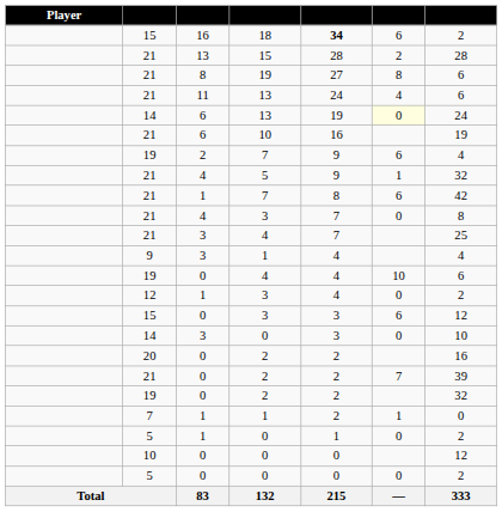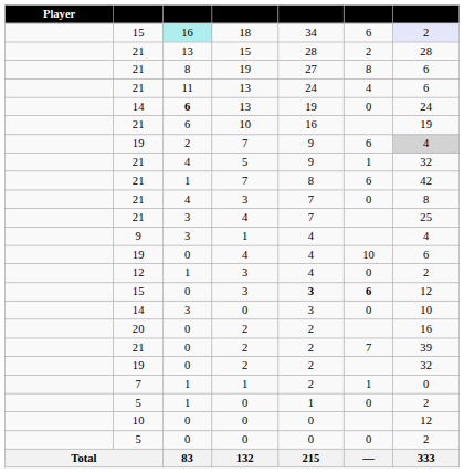 <table class="wikitable sortable" style="width:100%; text-align:center;">
 <tr>
 <th style="color:white; background:#000000; ">Player</th>
 <th style="color:white; background:#000000; "></th>
 <th style="color:white; background:#000000; "></th>
 <th style="color:white; background:#000000; "></th>
 <th style="color:white; background:#000000; "></th>
 <th style="color:white; background:#000000; "></th>
 <th style="color:white; background:#000000; "></th>
 </tr>
 <tr>
 <td></td>
 <td>15</td>
-<td>16</td>
+<td style="background: paleturquoise;">16</td>
 <td>18</td>
-<td><strong>34</strong></td>
+<td>34</td>
 <td>6</td>
-<td>2</td>
+<td style="background: lavender;">2</td>
 </tr>
 <tr>
 <td></td>
 <td>21</td>
 <td>13</td>
 <td>15</td>
 <td>28</td>
 <td>2</td>
 <td>28</td>
 </tr>
 <tr>
 <td></td>
 <td>21</td>
 <td>8</td>
 <td>19</td>
 <td>27</td>
 <td>8</td>
 <td>6</td>
 </tr>
 <tr>
 <td></td>
 <td>21</td>
 <td>11</td>
 <td>13</td>
 <td>24</td>
 <td>4</td>
 <td>6</td>
 </tr>
 <tr>
 <td></td>
 <td>14</td>
-<td>6</td>
+<td><strong>6</strong></td>
 <td>13</td>
 <td>19</td>
-<td style="background: lightyellow;">0</td>
+<td>0</td>
 <td>24</td>
 </tr>
 <tr>
 <td></td>
 <td>21</td>
 <td>6</td>
 <td>10</td>
 <td>16</td>
 <td></td>
 <td>19</td>
 </tr>
 <tr>
 <td></td>
 <td>19</td>
 <td>2</td>
 <td>7</td>
 <td>9</td>
 <td>6</td>
-<td>4</td>
+<td style="background: lightgrey;">4</td>
 </tr>
 <tr>
 <td></td>
 <td>21</td>
 <td>4</td>
 <td>5</td>
 <td>9</td>
 <td>1</td>
 <td>32</td>
 </tr>
 <tr>
 <td></td>
 <td>21</td>
 <td>1</td>
 <td>7</td>
 <td>8</td>
 <td>6</td>
 <td>42</td>
 </tr>
 <tr>
 <td></td>
 <td>21</td>
 <td>4</td>
 <td>3</td>
 <td>7</td>
 <td>0</td>
 <td>8</td>
 </tr>
 <tr>
 <td></td>
 <td>21</td>
 <td>3</td>
 <td>4</td>
 <td>7</td>
 <td></td>
 <td>25</td>
 </tr>
 <tr>
 <td></td>
 <td>9</td>
 <td>3</td>
 <td>1</td>
 <td>4</td>
 <td></td>
 <td>4</td>
 </tr>
 <tr>
 <td></td>
 <td>19</td>
 <td>0</td>
 <td>4</td>
 <td>4</td>
 <td>10</td>
 <td>6</td>
 </tr>
 <tr>
 <td></td>
 <td>12</td>
 <td>1</td>
 <td>3</td>
 <td>4</td>
 <td>0</td>
 <td>2</td>
 </tr>
 <tr>
 <td></td>
 <td>15</td>
 <td>0</td>
 <td>3</td>
-<td>3</td>
-<td>6</td>
+<td><strong>3</strong></td>
+<td><strong>6</strong></td>
 <td>12</td>
 </tr>
 <tr>
 <td></td>
 <td>14</td>
 <td>3</td>
 <td>0</td>
 <td>3</td>
 <td>0</td>
 <td>10</td>
 </tr>
 <tr>
 <td></td>
 <td>20</td>
 <td>0</td>
 <td>2</td>
 <td>2</td>
 <td></td>
 <td>16</td>
 </tr>
 <tr>
 <td></td>
 <td>21</td>
 <td>0</td>
 <td>2</td>
 <td>2</td>
 <td>7</td>
 <td>39</td>
 </tr>
 <tr>
 <td></td>
 <td>19</td>
 <td>0</td>
 <td>2</td>
 <td>2</td>
 <td></td>
 <td>32</td>
 </tr>
 <tr>
 <td></td>
 <td>7</td>
 <td>1</td>
 <td>1</td>
 <td>2</td>
 <td>1</td>
 <td>0</td>
 </tr>
 <tr>
 <td></td>
 <td>5</td>
 <td>1</td>
 <td>0</td>
 <td>1</td>
 <td>0</td>
 <td>2</td>
 </tr>
 <tr>
 <td></td>
 <td>10</td>
 <td>0</td>
 <td>0</td>
 <td>0</td>
 <td></td>
 <td>12</td>
 </tr>
 <tr>
 <td></td>
 <td>5</td>
 <td>0</td>
 <td>0</td>
 <td>0</td>
 <td>0</td>
 <td>2</td>
 </tr>
 <tr class="sortbotom">
 <th colspan=2>Total</th>
 <th>83</th>
 <th>132</th>
 <th>215</th>
 <th>—</th>
 <th>333</th>
 </tr>
 </table>
